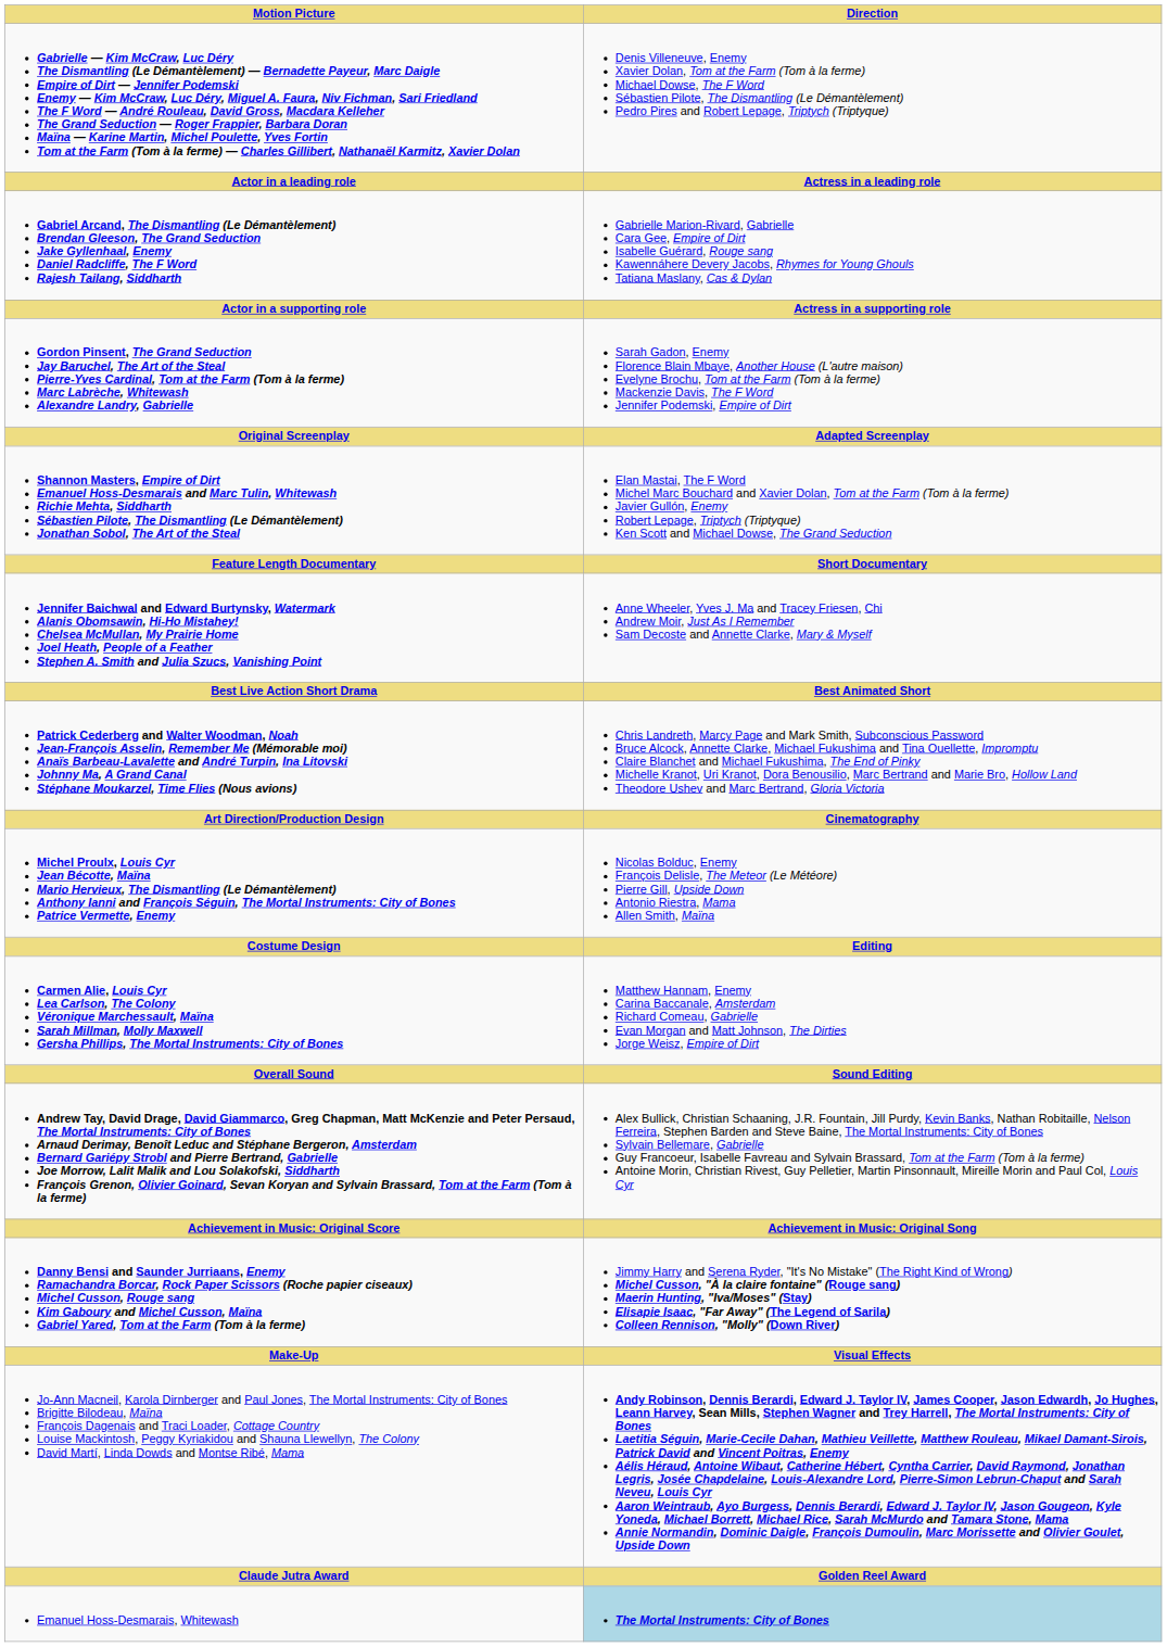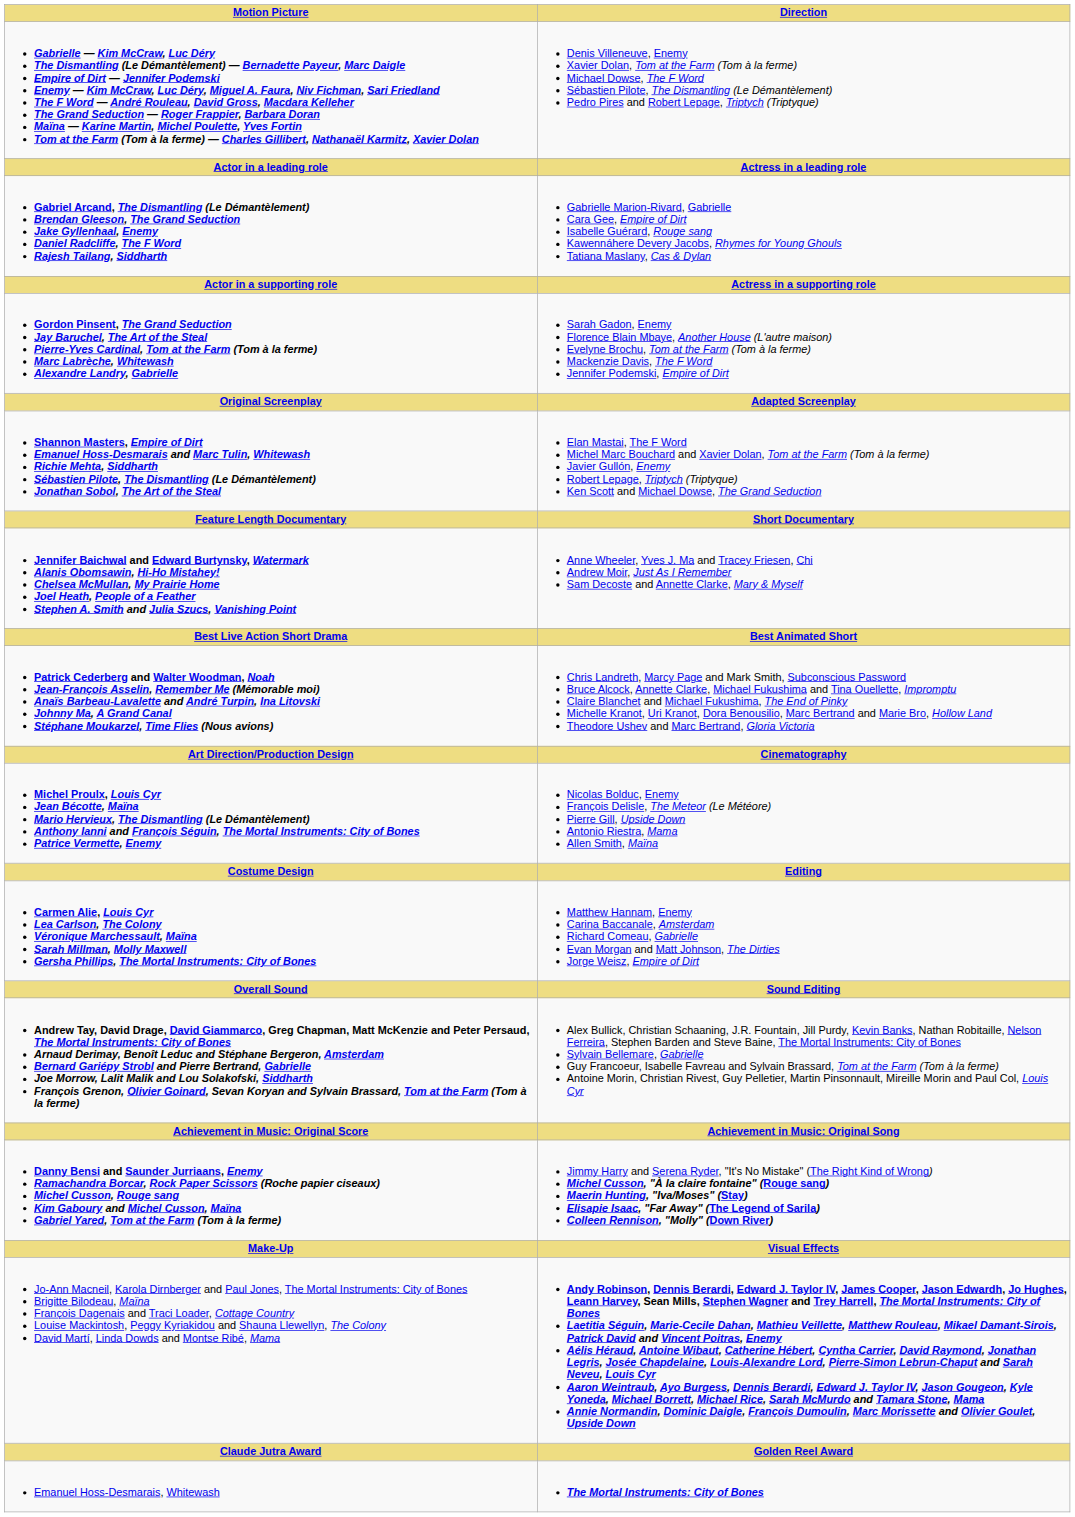 <table class=wikitable>
 <tr>
 <th style="background:#EEDD82; width:50%"><a href='#'>Motion Picture</a></th>
 <th style="background:#EEDD82; width:50%"><a href='#'>Direction</a></th>
 </tr>
 <tr>
 <td valign="top"><br><ul><li> <strong><em><a href='#'>Gabrielle</a><em> — <a href='#'>Kim McCraw</a>, <a href='#'>Luc Déry</a><strong></li><li></em><a href='#'>The Dismantling</a> (Le Démantèlement)<em> — <a href='#'>Bernadette Payeur</a>, <a href='#'>Marc Daigle</a></li><li></em><a href='#'>Empire of Dirt</a><em> — <a href='#'>Jennifer Podemski</a></li><li></em><a href='#'>Enemy</a><em> — <a href='#'>Kim McCraw</a>, <a href='#'>Luc Déry</a>, <a href='#'>Miguel A. Faura</a>, <a href='#'>Niv Fichman</a>, <a href='#'>Sari Friedland</a></li><li></em><a href='#'>The F Word</a><em> — <a href='#'>André Rouleau</a>, <a href='#'>David Gross</a>, <a href='#'>Macdara Kelleher</a></li><li></em><a href='#'>The Grand Seduction</a><em> — <a href='#'>Roger Frappier</a>, <a href='#'>Barbara Doran</a></li><li></em><a href='#'>Maïna</a><em> — <a href='#'>Karine Martin</a>, <a href='#'>Michel Poulette</a>, <a href='#'>Yves Fortin</a></li><li></em><a href='#'>Tom at the Farm</a> (Tom à la ferme)<em> — <a href='#'>Charles Gillibert</a>, <a href='#'>Nathanaël Karmitz</a>, <a href='#'>Xavier Dolan</a></li></ul></td>
 <td valign="top"><br><ul><li> </strong><a href='#'>Denis Villeneuve</a>, </em><a href='#'>Enemy</a></em></strong></li><li><a href='#'>Xavier Dolan</a>, <em><a href='#'>Tom at the Farm</a> (Tom à la ferme)</em></li><li><a href='#'>Michael Dowse</a>, <em><a href='#'>The F Word</a></em></li><li><a href='#'>Sébastien Pilote</a>, <em><a href='#'>The Dismantling</a> (Le Démantèlement)</em></li><li><a href='#'>Pedro Pires</a> and <a href='#'>Robert Lepage</a>, <em><a href='#'>Triptych</a> (Triptyque)</em></li></ul></td>
 </tr>
 <tr>
 <th style="background:#EEDD82; width:50%"><a href='#'>Actor in a leading role</a></th>
 <th style="background:#EEDD82; width:50%"><a href='#'>Actress in a leading role</a></th>
 </tr>
 <tr>
 <td valign="top"><br><ul><li> <strong><a href='#'>Gabriel Arcand</a>, <em><a href='#'>The Dismantling</a> (Le Démantèlement)<strong><em></li><li><a href='#'>Brendan Gleeson</a>, </em><a href='#'>The Grand Seduction</a><em></li><li><a href='#'>Jake Gyllenhaal</a>, </em><a href='#'>Enemy</a><em></li><li><a href='#'>Daniel Radcliffe</a>, </em><a href='#'>The F Word</a><em></li><li><a href='#'>Rajesh Tailang</a>, </em><a href='#'>Siddharth</a><em></li></ul></td>
 <td valign="top"><br><ul><li> </strong><a href='#'>Gabrielle Marion-Rivard</a>, </em><a href='#'>Gabrielle</a></em></strong></li><li><a href='#'>Cara Gee</a>, <em><a href='#'>Empire of Dirt</a></em></li><li><a href='#'>Isabelle Guérard</a>, <em><a href='#'>Rouge sang</a></em></li><li><a href='#'>Kawennáhere Devery Jacobs</a>, <em><a href='#'>Rhymes for Young Ghouls</a></em></li><li><a href='#'>Tatiana Maslany</a>, <em><a href='#'>Cas & Dylan</a></em></li></ul></td>
 </tr>
 <tr>
 <th style="background:#EEDD82; width:50%"><a href='#'>Actor in a supporting role</a></th>
 <th style="background:#EEDD82; width:50%"><a href='#'>Actress in a supporting role</a></th>
 </tr>
 <tr>
 <td valign="top"><br><ul><li> <strong><a href='#'>Gordon Pinsent</a>, <em><a href='#'>The Grand Seduction</a><strong><em></li><li><a href='#'>Jay Baruchel</a>, </em><a href='#'>The Art of the Steal</a><em></li><li><a href='#'>Pierre-Yves Cardinal</a>, </em><a href='#'>Tom at the Farm</a> (Tom à la ferme)<em></li><li><a href='#'>Marc Labrèche</a>, </em><a href='#'>Whitewash</a><em></li><li><a href='#'>Alexandre Landry</a>, </em><a href='#'>Gabrielle</a><em></li></ul></td>
 <td valign="top"><br><ul><li> </strong><a href='#'>Sarah Gadon</a>, </em><a href='#'>Enemy</a></em></strong></li><li><a href='#'>Florence Blain Mbaye</a>, <em><a href='#'>Another House</a> (L'autre maison)</em></li><li><a href='#'>Evelyne Brochu</a>, <em><a href='#'>Tom at the Farm</a> (Tom à la ferme)</em></li><li><a href='#'>Mackenzie Davis</a>, <em><a href='#'>The F Word</a></em></li><li><a href='#'>Jennifer Podemski</a>, <em><a href='#'>Empire of Dirt</a></em></li></ul></td>
 </tr>
 <tr>
 <th style="background:#EEDD82; width:50%"><a href='#'>Original Screenplay</a></th>
 <th style="background:#EEDD82; width:50%"><a href='#'>Adapted Screenplay</a></th>
 </tr>
 <tr>
 <td valign="top"><br><ul><li> <strong><a href='#'>Shannon Masters</a>, <em><a href='#'>Empire of Dirt</a><strong><em></li><li><a href='#'>Emanuel Hoss-Desmarais</a> and <a href='#'>Marc Tulin</a>, </em><a href='#'>Whitewash</a><em></li><li><a href='#'>Richie Mehta</a>, </em><a href='#'>Siddharth</a><em></li><li><a href='#'>Sébastien Pilote</a>, </em><a href='#'>The Dismantling</a> (Le Démantèlement)<em></li><li><a href='#'>Jonathan Sobol</a>, </em><a href='#'>The Art of the Steal</a><em></li></ul></td>
 <td valign="top"><br><ul><li> </strong><a href='#'>Elan Mastai</a>, </em><a href='#'>The F Word</a></em></strong></li><li><a href='#'>Michel Marc Bouchard</a> and <a href='#'>Xavier Dolan</a>, <em><a href='#'>Tom at the Farm</a> (Tom à la ferme)</em></li><li><a href='#'>Javier Gullón</a>, <em><a href='#'>Enemy</a></em></li><li><a href='#'>Robert Lepage</a>, <em><a href='#'>Triptych</a> (Triptyque)</em></li><li><a href='#'>Ken Scott</a> and <a href='#'>Michael Dowse</a>, <em><a href='#'>The Grand Seduction</a></em></li></ul></td>
 </tr>
 <tr>
 <th style="background:#EEDD82; width:50%"><a href='#'>Feature Length Documentary</a></th>
 <th style="background:#EEDD82; width:50%"><a href='#'>Short Documentary</a></th>
 </tr>
 <tr>
 <td valign="top"><br><ul><li> <strong><a href='#'>Jennifer Baichwal</a> and <a href='#'>Edward Burtynsky</a>, <em><a href='#'>Watermark</a><strong><em></li><li><a href='#'>Alanis Obomsawin</a>, </em><a href='#'>Hi-Ho Mistahey!</a><em></li><li><a href='#'>Chelsea McMullan</a>, </em><a href='#'>My Prairie Home</a><em></li><li><a href='#'>Joel Heath</a>, </em><a href='#'>People of a Feather</a><em></li><li><a href='#'>Stephen A. Smith</a> and <a href='#'>Julia Szucs</a>, </em><a href='#'>Vanishing Point</a><em></li></ul></td>
 <td valign="top"><br><ul><li> </strong><a href='#'>Anne Wheeler</a>, <a href='#'>Yves J. Ma</a> and <a href='#'>Tracey Friesen</a>, </em><a href='#'>Chi</a></em></strong></li><li><a href='#'>Andrew Moir</a>, <em><a href='#'>Just As I Remember</a></em></li><li><a href='#'>Sam Decoste</a> and <a href='#'>Annette Clarke</a>, <em><a href='#'>Mary & Myself</a></em></li></ul></td>
 </tr>
 <tr>
 <th style="background:#EEDD82; width:50%"><a href='#'>Best Live Action Short Drama</a></th>
 <th style="background:#EEDD82; width:50%"><a href='#'>Best Animated Short</a></th>
 </tr>
 <tr>
 <td valign="top"><br><ul><li> <strong><a href='#'>Patrick Cederberg</a> and <a href='#'>Walter Woodman</a>, <em><a href='#'>Noah</a><strong><em></li><li><a href='#'>Jean-François Asselin</a>, </em><a href='#'>Remember Me</a> (Mémorable moi)<em></li><li><a href='#'>Anaïs Barbeau-Lavalette</a> and <a href='#'>André Turpin</a>, </em><a href='#'>Ina Litovski</a><em></li><li><a href='#'>Johnny Ma</a>, </em><a href='#'>A Grand Canal</a><em></li><li><a href='#'>Stéphane Moukarzel</a>, </em><a href='#'>Time Flies</a> (Nous avions)<em></li></ul></td>
 <td valign="top"><br><ul><li> </strong><a href='#'>Chris Landreth</a>, <a href='#'>Marcy Page</a> and Mark Smith, </em><a href='#'>Subconscious Password</a></em></strong></li><li><a href='#'>Bruce Alcock</a>, <a href='#'>Annette Clarke</a>, <a href='#'>Michael Fukushima</a> and <a href='#'>Tina Ouellette</a>, <em><a href='#'>Impromptu</a></em></li><li><a href='#'>Claire Blanchet</a> and <a href='#'>Michael Fukushima</a>, <em><a href='#'>The End of Pinky</a></em></li><li><a href='#'>Michelle Kranot</a>, <a href='#'>Uri Kranot</a>, <a href='#'>Dora Benousilio</a>, <a href='#'>Marc Bertrand</a> and <a href='#'>Marie Bro</a>, <em><a href='#'>Hollow Land</a></em></li><li><a href='#'>Theodore Ushev</a> and <a href='#'>Marc Bertrand</a>, <em><a href='#'>Gloria Victoria</a></em></li></ul></td>
 </tr>
 <tr>
 <th style="background:#EEDD82; width:50%"><a href='#'>Art Direction/Production Design</a></th>
 <th style="background:#EEDD82; width:50%"><a href='#'>Cinematography</a></th>
 </tr>
 <tr>
 <td valign="top"><br><ul><li> <strong><a href='#'>Michel Proulx</a>, <em><a href='#'>Louis Cyr</a><strong><em></li><li><a href='#'>Jean Bécotte</a>, </em><a href='#'>Maïna</a><em></li><li><a href='#'>Mario Hervieux</a>, </em><a href='#'>The Dismantling</a> (Le Démantèlement)<em></li><li><a href='#'>Anthony Ianni</a> and <a href='#'>François Séguin</a>, </em><a href='#'>The Mortal Instruments: City of Bones</a><em></li><li><a href='#'>Patrice Vermette</a>, </em><a href='#'>Enemy</a><em></li></ul></td>
 <td valign="top"><br><ul><li> </strong><a href='#'>Nicolas Bolduc</a>, </em><a href='#'>Enemy</a></em></strong></li><li><a href='#'>François Delisle</a>, <em><a href='#'>The Meteor</a> (Le Météore)</em></li><li><a href='#'>Pierre Gill</a>, <em><a href='#'>Upside Down</a></em></li><li><a href='#'>Antonio Riestra</a>, <em><a href='#'>Mama</a></em></li><li><a href='#'>Allen Smith</a>, <em><a href='#'>Maïna</a></em></li></ul></td>
 </tr>
 <tr>
 <th style="background:#EEDD82; width:50%"><a href='#'>Costume Design</a></th>
 <th style="background:#EEDD82; width:50%"><a href='#'>Editing</a></th>
 </tr>
 <tr>
 <td valign="top"><br><ul><li> <strong><a href='#'>Carmen Alie</a>, <em><a href='#'>Louis Cyr</a><strong><em></li><li><a href='#'>Lea Carlson</a>, </em><a href='#'>The Colony</a><em></li><li><a href='#'>Véronique Marchessault</a>, </em><a href='#'>Maïna</a><em></li><li><a href='#'>Sarah Millman</a>, </em><a href='#'>Molly Maxwell</a><em></li><li><a href='#'>Gersha Phillips</a>, </em><a href='#'>The Mortal Instruments: City of Bones</a><em></li></ul></td>
 <td valign="top"><br><ul><li> </strong><a href='#'>Matthew Hannam</a>, </em><a href='#'>Enemy</a></em></strong></li><li><a href='#'>Carina Baccanale</a>, <em><a href='#'>Amsterdam</a></em></li><li><a href='#'>Richard Comeau</a>, <em><a href='#'>Gabrielle</a></em></li><li><a href='#'>Evan Morgan</a> and <a href='#'>Matt Johnson</a>, <em><a href='#'>The Dirties</a></em></li><li><a href='#'>Jorge Weisz</a>, <em><a href='#'>Empire of Dirt</a></em></li></ul></td>
 </tr>
 <tr>
 <th style="background:#EEDD82; width:50%"><a href='#'>Overall Sound</a></th>
 <th style="background:#EEDD82; width:50%"><a href='#'>Sound Editing</a></th>
 </tr>
 <tr>
 <td valign="top"><br><ul><li> <strong>Andrew Tay, David Drage, <a href='#'>David Giammarco</a>, Greg Chapman, Matt McKenzie and Peter Persaud, <em><a href='#'>The Mortal Instruments: City of Bones</a><strong><em></li><li>Arnaud Derimay, Benoît Leduc and Stéphane Bergeron, </em><a href='#'>Amsterdam</a><em></li><li><a href='#'>Bernard Gariépy Strobl</a> and Pierre Bertrand, </em><a href='#'>Gabrielle</a><em></li><li>Joe Morrow, Lalit Malik and Lou Solakofski, </em><a href='#'>Siddharth</a><em></li><li>François Grenon, <a href='#'>Olivier Goinard</a>, Sevan Koryan and Sylvain Brassard, </em><a href='#'>Tom at the Farm</a> (Tom à la ferme)<em></li></ul></td>
 <td valign="top"><br><ul><li> </strong>Alex Bullick, Christian Schaaning, J.R. Fountain, Jill Purdy, <a href='#'>Kevin Banks</a>, Nathan Robitaille, <a href='#'>Nelson Ferreira</a>, Stephen Barden and Steve Baine, </em><a href='#'>The Mortal Instruments: City of Bones</a></em></strong></li><li><a href='#'>Sylvain Bellemare</a>, <em><a href='#'>Gabrielle</a></em></li><li>Guy Francoeur, Isabelle Favreau and Sylvain Brassard, <em><a href='#'>Tom at the Farm</a> (Tom à la ferme)</em></li><li>Antoine Morin, Christian Rivest, Guy Pelletier, Martin Pinsonnault, Mireille Morin and Paul Col, <em><a href='#'>Louis Cyr</a></em></li></ul></td>
 </tr>
 <tr>
 <th style="background:#EEDD82; width:50%"><a href='#'>Achievement in Music: Original Score</a></th>
 <th style="background:#EEDD82; width:50%"><a href='#'>Achievement in Music: Original Song</a></th>
 </tr>
 <tr>
 <td valign="top"><br><ul><li> <strong><a href='#'>Danny Bensi</a> and <a href='#'>Saunder Jurriaans</a>, <em><a href='#'>Enemy</a><strong><em></li><li><a href='#'>Ramachandra Borcar</a>, </em><a href='#'>Rock Paper Scissors</a> (Roche papier ciseaux)<em></li><li><a href='#'>Michel Cusson</a>, </em><a href='#'>Rouge sang</a><em></li><li><a href='#'>Kim Gaboury</a> and <a href='#'>Michel Cusson</a>, </em><a href='#'>Maïna</a><em></li><li><a href='#'>Gabriel Yared</a>, </em><a href='#'>Tom at the Farm</a> (Tom à la ferme)<em></li></ul></td>
 <td valign="top"><br><ul><li> </strong><a href='#'>Jimmy Harry</a> and <a href='#'>Serena Ryder</a>, "It's No Mistake" (</em><a href='#'>The Right Kind of Wrong</a><em>)<strong></li><li><a href='#'>Michel Cusson</a>, "À la claire fontaine" (</em><a href='#'>Rouge sang</a><em>)</li><li><a href='#'>Maerin Hunting</a>, "Iva/Moses" (</em><a href='#'>Stay</a><em>)</li><li><a href='#'>Elisapie Isaac</a>, "Far Away" (</em><a href='#'>The Legend of Sarila</a><em>)</li><li><a href='#'>Colleen Rennison</a>, "Molly" (</em><a href='#'>Down River</a><em>)</li></ul></td>
 </tr>
 <tr>
 <th style="background:#EEDD82; width:50%"><a href='#'>Make-Up</a></th>
 <th style="background:#EEDD82; width:50%"><a href='#'>Visual Effects</a></th>
 </tr>
 <tr>
 <td valign="top"><br><ul><li> </strong><a href='#'>Jo-Ann Macneil</a>, <a href='#'>Karola Dirnberger</a> and <a href='#'>Paul Jones</a>, </em><a href='#'>The Mortal Instruments: City of Bones</a></em></strong></li><li><a href='#'>Brigitte Bilodeau</a>, <em><a href='#'>Maïna</a></em></li><li><a href='#'>François Dagenais</a> and <a href='#'>Traci Loader</a>, <em><a href='#'>Cottage Country</a></em></li><li><a href='#'>Louise Mackintosh</a>, <a href='#'>Peggy Kyriakidou</a> and <a href='#'>Shauna Llewellyn</a>, <em><a href='#'>The Colony</a></em></li><li><a href='#'>David Martí</a>, <a href='#'>Linda Dowds</a> and <a href='#'>Montse Ribé</a>, <em><a href='#'>Mama</a></em></li></ul></td>
 <td valign="top"><br><ul><li> <strong><a href='#'>Andy Robinson</a>, <a href='#'>Dennis Berardi</a>, <a href='#'>Edward J. Taylor IV</a>, <a href='#'>James Cooper</a>, <a href='#'>Jason Edwardh</a>, <a href='#'>Jo Hughes</a>, <a href='#'>Leann Harvey</a>, Sean Mills, <a href='#'>Stephen Wagner</a> and <a href='#'>Trey Harrell</a>, <em><a href='#'>The Mortal Instruments: City of Bones</a><strong><em></li><li><a href='#'>Laetitia Séguin</a>, <a href='#'>Marie-Cecile Dahan</a>, <a href='#'>Mathieu Veillette</a>, <a href='#'>Matthew Rouleau</a>, <a href='#'>Mikael Damant-Sirois</a>, <a href='#'>Patrick David</a> and <a href='#'>Vincent Poitras</a>, </em><a href='#'>Enemy</a><em></li><li><a href='#'>Aélis Héraud</a>, <a href='#'>Antoine Wibaut</a>, <a href='#'>Catherine Hébert</a>, <a href='#'>Cyntha Carrier</a>, <a href='#'>David Raymond</a>, <a href='#'>Jonathan Legris</a>, <a href='#'>Josée Chapdelaine</a>, <a href='#'>Louis-Alexandre Lord</a>, <a href='#'>Pierre-Simon Lebrun-Chaput</a> and <a href='#'>Sarah Neveu</a>, </em><a href='#'>Louis Cyr</a><em></li><li><a href='#'>Aaron Weintraub</a>, <a href='#'>Ayo Burgess</a>, <a href='#'>Dennis Berardi</a>, <a href='#'>Edward J. Taylor IV</a>, <a href='#'>Jason Gougeon</a>, <a href='#'>Kyle Yoneda</a>, <a href='#'>Michael Borrett</a>, <a href='#'>Michael Rice</a>, <a href='#'>Sarah McMurdo</a> and <a href='#'>Tamara Stone</a>, </em><a href='#'>Mama</a><em></li><li><a href='#'>Annie Normandin</a>, <a href='#'>Dominic Daigle</a>, <a href='#'>François Dumoulin</a>, <a href='#'>Marc Morissette</a> and <a href='#'>Olivier Goulet</a>, </em><a href='#'>Upside Down</a><em></li></ul></td>
 </tr>
 <tr>
 <th style="background:#EEDD82; width:50%"><a href='#'>Claude Jutra Award</a></th>
 <th style="background:#EEDD82; width:50%"><a href='#'>Golden Reel Award</a></th>
 </tr>
 <tr>
 <td valign="top"><br><ul><li> </strong><a href='#'>Emanuel Hoss-Desmarais</a>, </em><a href='#'>Whitewash</a></em></strong></li></ul></td>
-<td valign="top" style="background: lightblue;"><br><ul><li> <strong><em><a href='#'>The Mortal Instruments: City of Bones</a></em></strong></li></ul></td>
+<td valign="top"><br><ul><li> <strong><em><a href='#'>The Mortal Instruments: City of Bones</a></em></strong></li></ul></td>
 </tr>
 </table>
